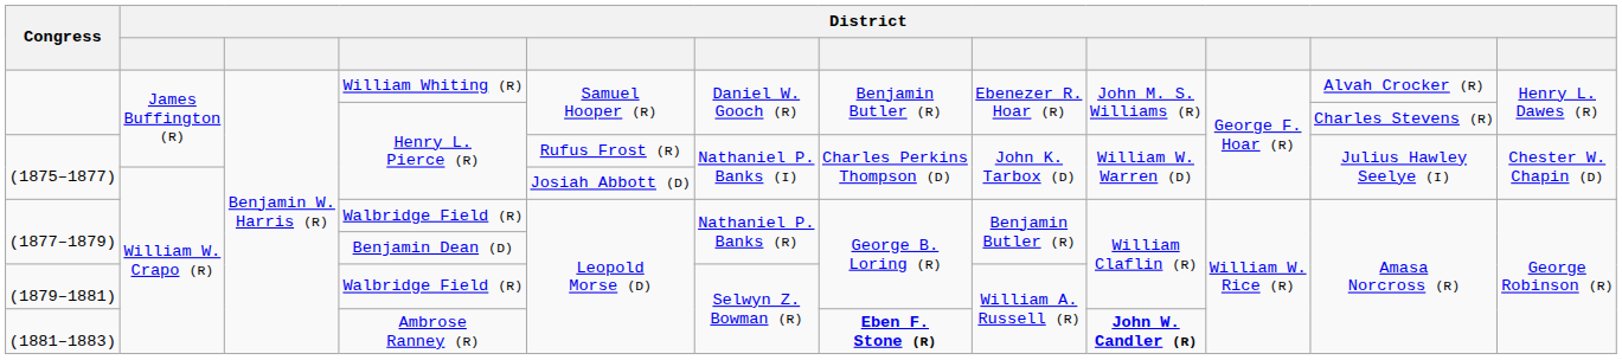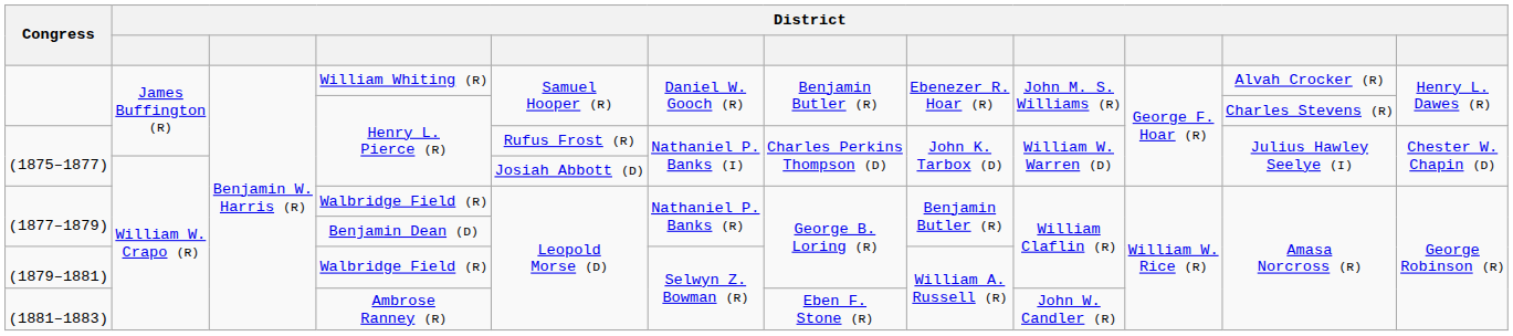 <table class=wikitable style="text-align:center">
 <tr style="height:2em">
 <th rowspan=2>Congress</th>
 <th colspan=11>District</th>
 </tr>
 <tr style="height:2em">
 <th></th>
 <th></th>
 <th></th>
 <th></th>
 <th></th>
 <th></th>
 <th></th>
 <th></th>
 <th></th>
 <th></th>
 <th></th>
 </tr>
 <tr style="height:2em">
 <td scope=row rowspan=2><strong></strong><br></td>
 <td rowspan=3 ><a href='#'>James<br>Buffington</a><br><small>(R)</small></td>
 <td rowspan=8 ><a href='#'>Benjamin W.<br>Harris</a> <small>(R)</small></td>
 <td><a href='#'>William Whiting</a> <small>(R)</small></td>
 <td rowspan=2 ><a href='#'>Samuel<br>Hooper</a> <small>(R)</small></td>
 <td rowspan=2 ><a href='#'>Daniel W.<br>Gooch</a> <small>(R)</small></td>
 <td rowspan=2 ><a href='#'>Benjamin<br>Butler</a> <small>(R)</small></td>
 <td rowspan=2 ><a href='#'>Ebenezer R.<br>Hoar</a> <small>(R)</small></td>
 <td rowspan=2 ><a href='#'>John M. S.<br>Williams</a> <small>(R)</small></td>
 <td rowspan=4 ><a href='#'>George F.<br>Hoar</a> <small>(R)</small></td>
 <td><a href='#'>Alvah Crocker</a> <small>(R)</small></td>
 <td rowspan=2 ><a href='#'>Henry L.<br>Dawes</a> <small>(R)</small></td>
 </tr>
 <tr style="height:2em">
 <td rowspan=3 ><a href='#'>Henry L.<br>Pierce</a> <small>(R)</small></td>
 <td><a href='#'>Charles Stevens</a> <small>(R)</small></td>
 </tr>
 <tr style="height:2em">
 <td scope=row rowspan=2><strong></strong><br>(1875–1877)</td>
 <td><a href='#'>Rufus Frost</a> <small>(R)</small></td>
 <td rowspan=2 ><a href='#'>Nathaniel P.<br>Banks</a> <small>(I)</small></td>
 <td rowspan=2 ><a href='#'>Charles Perkins<br>Thompson</a> <small>(D)</small></td>
 <td rowspan=2 ><a href='#'>John K.<br>Tarbox</a> <small>(D)</small></td>
 <td rowspan=2 ><a href='#'>William W.<br>Warren</a> <small>(D)</small></td>
 <td rowspan=2 ><a href='#'>Julius Hawley<br>Seelye</a> <small>(I)</small></td>
 <td rowspan=2 ><a href='#'>Chester W.<br>Chapin</a> <small>(D)</small></td>
 </tr>
 <tr style="height:2em">
 <td rowspan=5 ><a href='#'>William W.<br>Crapo</a> <small>(R)</small></td>
 <td><a href='#'>Josiah Abbott</a> <small>(D)</small></td>
 </tr>
 <tr style="height:2em">
 <td scope=row rowspan=2><strong></strong><br>(1877–1879)</td>
 <td><a href='#'>Walbridge Field</a> <small>(R)</small></td>
 <td rowspan=4 ><a href='#'>Leopold<br>Morse</a> <small>(D)</small></td>
 <td rowspan=2 ><a href='#'>Nathaniel P.<br>Banks</a> <small>(R)</small></td>
 <td rowspan=3 ><a href='#'>George B.<br>Loring</a> <small>(R)</small></td>
 <td rowspan=2 ><a href='#'>Benjamin<br>Butler</a> <small>(R)</small></td>
 <td rowspan=3 ><a href='#'>William<br>Claflin</a> <small>(R)</small></td>
 <td rowspan=4 ><a href='#'>William W.<br>Rice</a> <small>(R)</small></td>
 <td rowspan=4 ><a href='#'>Amasa<br>Norcross</a> <small>(R)</small></td>
 <td rowspan=4 ><a href='#'>George<br>Robinson</a> <small>(R)</small></td>
 </tr>
 <tr style="height:2em">
 <td><a href='#'>Benjamin Dean</a> <small>(D)</small></td>
 </tr>
 <tr style="height:2em">
 <td scope=row><strong></strong><br>(1879–1881)</td>
 <td><a href='#'>Walbridge Field</a> <small>(R)</small></td>
 <td rowspan=2 ><a href='#'>Selwyn Z.<br>Bowman</a> <small>(R)</small></td>
 <td rowspan=2 ><a href='#'>William A.<br>Russell</a> <small>(R)</small></td>
 </tr>
 <tr style="height:2em">
 <td scope=row><strong></strong><br>(1881–1883)</td>
 <td><a href='#'>Ambrose<br>Ranney</a> <small>(R)</small></td>
-<td><strong><a href='#'>Eben F.<br>Stone</a> <small>(R)</small></strong></td>
-<td><strong><a href='#'>John W.<br>Candler</a> <small>(R)</small></strong></td>
+<td><a href='#'>Eben F.<br>Stone</a> <small>(R)</small></td>
+<td><a href='#'>John W.<br>Candler</a> <small>(R)</small></td>
 </tr>
 </table>
